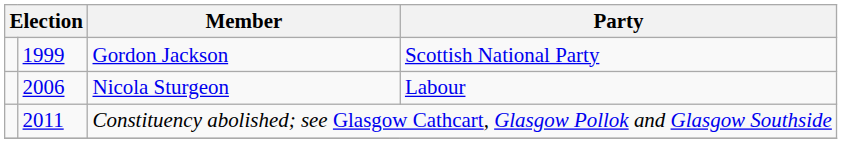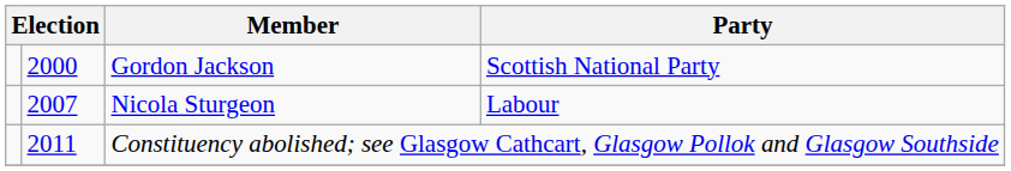 <table class="wikitable">
 <tr>
 <th colspan="2">Election</th>
 <th>Member</th>
 <th>Party</th>
 </tr>
 <tr>
 <td style="background-color: "></td>
-<td><a href='#'>1999</a></td>
+<td><a href='#'>2000</a></td>
 <td><a href='#'>Gordon Jackson</a></td>
 <td><a href='#'>Scottish National Party</a></td>
 </tr>
 <tr>
 <td style="background-color: "></td>
-<td><a href='#'>2006</a></td>
+<td><a href='#'>2007</a></td>
 <td><a href='#'>Nicola Sturgeon</a></td>
 <td><a href='#'>Labour</a></td>
 </tr>
 <tr>
 <td></td>
 <td><a href='#'>2011</a></td>
 <td colspan="3"><em>Constituency abolished; see </em><a href='#'>Glasgow Cathcart</a><em>, <a href='#'>Glasgow Pollok</a> and <a href='#'>Glasgow Southside</a></em></td>
 </tr>
 <tr>
 </tr>
 </table>
